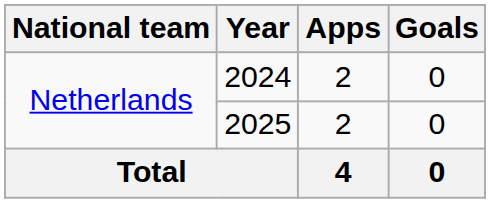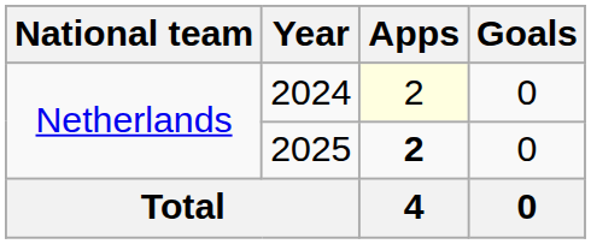 <table class="wikitable" style="text-align:center">
 <tr>
 <th>National team</th>
 <th>Year</th>
 <th>Apps</th>
 <th>Goals</th>
 </tr>
 <tr>
 <td rowspan="2"><a href='#'>Netherlands</a></td>
 <td>2024</td>
-<td>2</td>
+<td style="background: lightyellow;">2</td>
 <td>0</td>
 </tr>
 <tr>
 <td>2025</td>
-<td>2</td>
+<td><strong>2</strong></td>
 <td>0</td>
 </tr>
 <tr>
 <th colspan="2">Total</th>
 <th>4</th>
 <th>0</th>
 </tr>
 </table>
